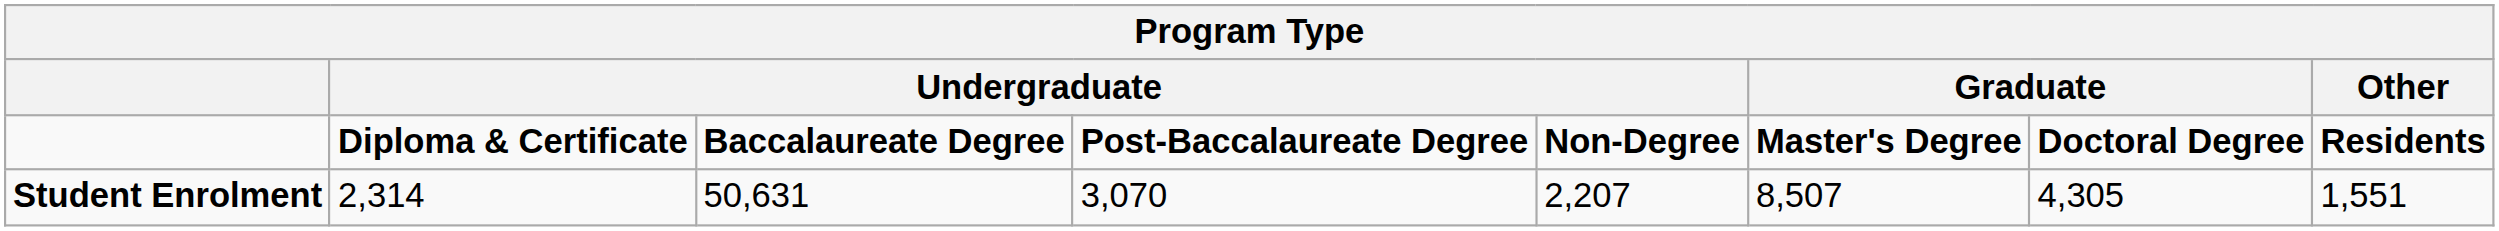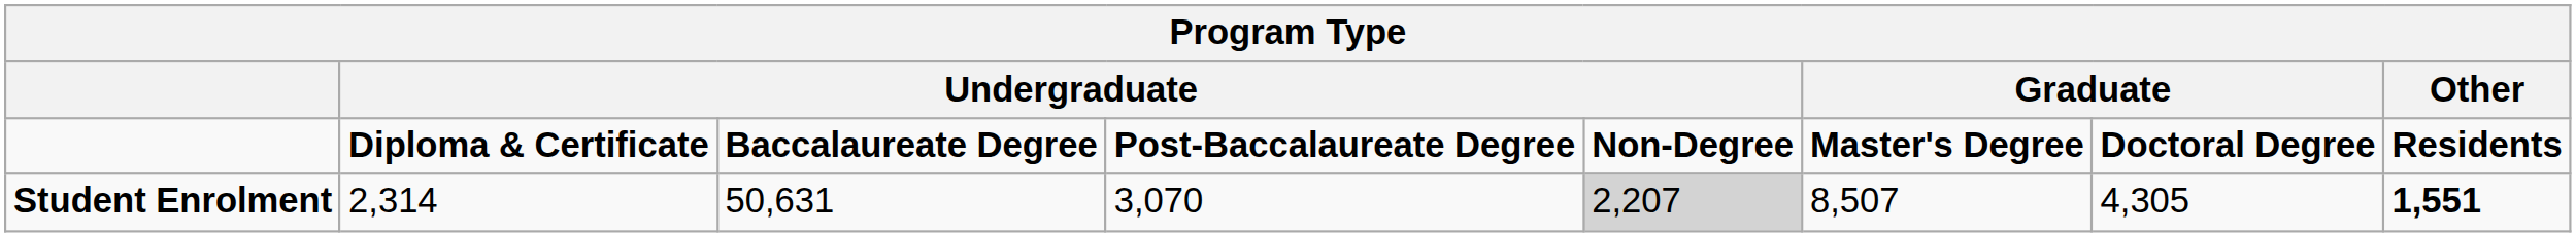 <table class="wikitable">
 <tr>
 <th colspan="8">Program Type</th>
 </tr>
 <tr>
 <th></th>
 <th colspan="4">Undergraduate</th>
 <th colspan="2">Graduate</th>
 <th>Other</th>
 </tr>
 <tr>
 <td></td>
 <td><strong>Diploma & Certificate</strong></td>
 <td><strong>Baccalaureate Degree</strong></td>
 <td><strong>Post-Baccalaureate Degree</strong></td>
 <td><strong>Non-Degree</strong></td>
 <td><strong>Master's Degree</strong></td>
 <td><strong>Doctoral Degree</strong></td>
 <td><strong>Residents</strong></td>
 </tr>
 <tr>
 <td><strong>Student Enrolment</strong></td>
 <td>2,314</td>
 <td>50,631</td>
 <td>3,070</td>
-<td>2,207</td>
+<td style="background: lightgrey;">2,207</td>
 <td>8,507</td>
 <td>4,305</td>
-<td>1,551</td>
+<td><strong>1,551</strong></td>
 </tr>
 </table>
